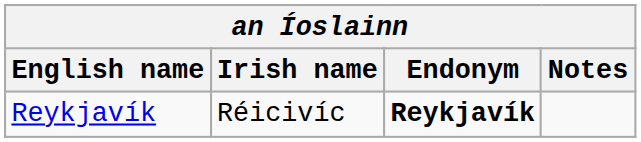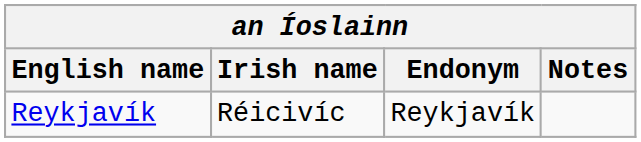 <table class="wikitable sortable">
 <tr>
 <th colspan="4"> <em>an Íoslainn</em></th>
 </tr>
 <tr>
 <th>English name</th>
 <th>Irish name</th>
 <th>Endonym</th>
 <th>Notes</th>
 </tr>
 <tr>
 <td><a href='#'>Reykjavík</a></td>
 <td>Réicivíc</td>
-<td><strong>Reykjavík</strong></td>
+<td>Reykjavík</td>
 <td></td>
 </tr>
 </table>
